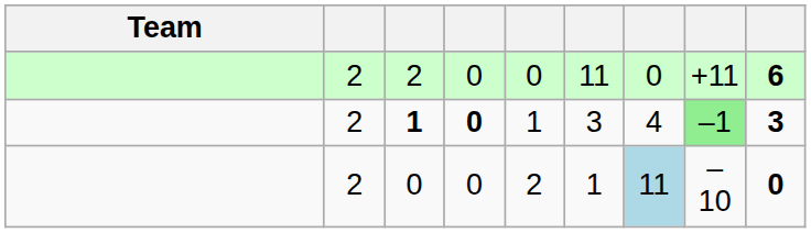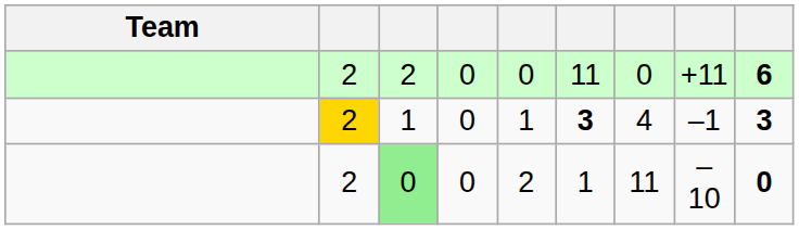 <table class="wikitable" style="text-align: center;">
 <tr>
 <th width=165>Team</th>
 <th width=25></th>
 <th width=25></th>
 <th width=25></th>
 <th width=25></th>
 <th width=25></th>
 <th width=25></th>
 <th width=25></th>
 <th width=25></th>
 </tr>
 <tr style="background:#ccffcc;">
 <td style="text-align:left;"></td>
 <td>2</td>
 <td>2</td>
 <td>0</td>
 <td>0</td>
 <td>11</td>
 <td>0</td>
 <td>+11</td>
 <td><strong>6</strong></td>
 </tr>
 <tr align=center>
 <td style="text-align:left;"></td>
-<td>2</td>
-<td><strong>1</strong></td>
-<td><strong>0</strong></td>
+<td style="background: gold;">2</td>
 <td>1</td>
-<td>3</td>
+<td>0</td>
+<td>1</td>
+<td><strong>3</strong></td>
 <td>4</td>
-<td style="background: lightgreen;">–1</td>
+<td>–1</td>
 <td><strong>3</strong></td>
 </tr>
 <tr align=center>
 <td style="text-align:left;"></td>
 <td>2</td>
-<td>0</td>
+<td style="background: lightgreen;">0</td>
 <td>0</td>
 <td>2</td>
 <td>1</td>
-<td style="background: lightblue;">11</td>
+<td>11</td>
 <td>–10</td>
 <td><strong>0</strong></td>
 </tr>
 </table>
